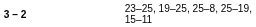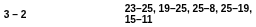 <table width=100% cellspacing=1>
 <tr>
 <th width=20%></th>
 <th width=12%></th>
 <th width=20%></th>
 <th width=33%></th>
 <td></td>
 </tr>
 <tr style=font-size:95%>
 <td align=right><strong></strong></td>
 <td align=center><strong>3 – 2</strong></td>
 <td></td>
-<td>23–25, 19–25, 25–8, 25–19, 15–11</td>
+<td><strong>23–25, 19–25, 25–8, 25–19, 15–11</strong></td>
 </tr>
 </table>
